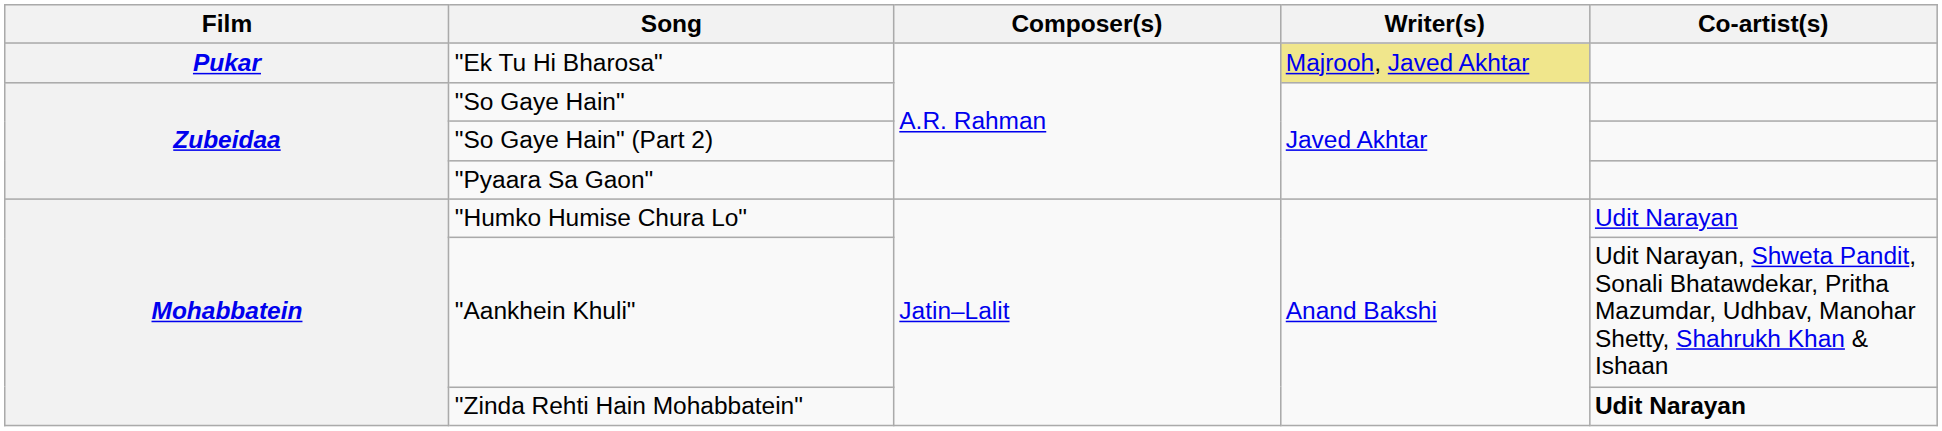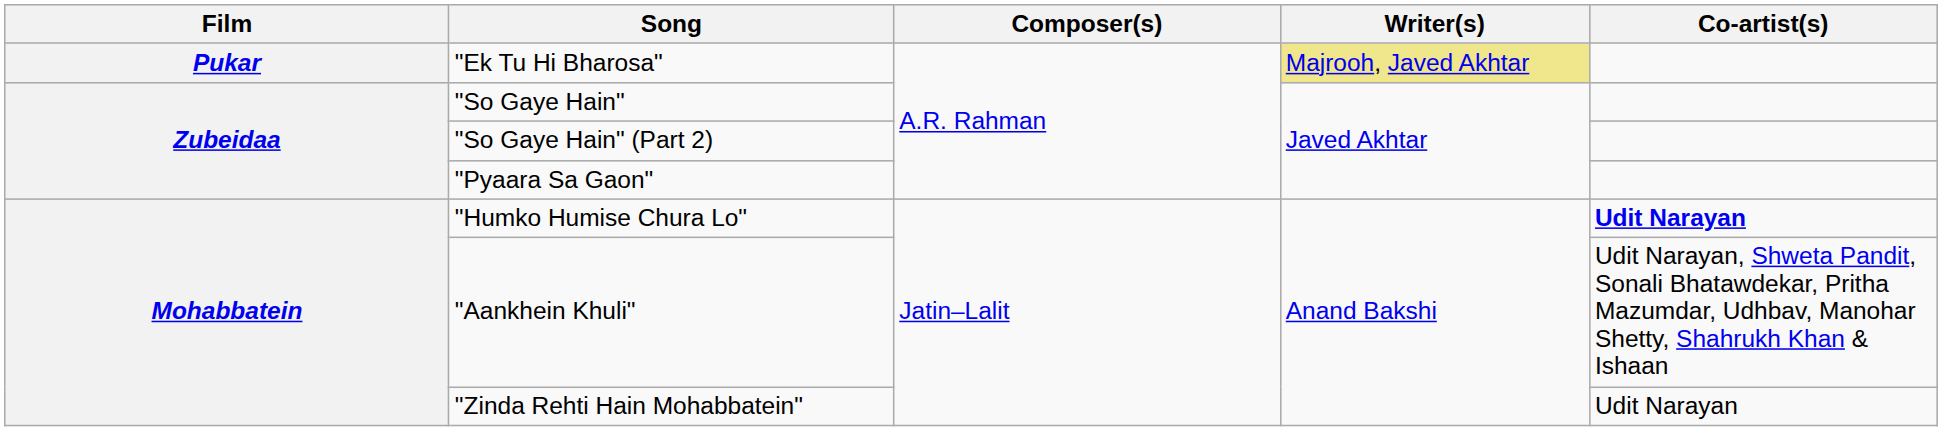 <table class="wikitable plainrowheaders" style="width:100%; textcolor:#000">
 <tr style="background:#b0e0e66;">
 <th scope="col" style="width:23%;"><strong>Film</strong></th>
 <th scope="col" style="width:23%;"><strong>Song</strong></th>
 <th scope="col" style="width:20%;"><strong>Composer(s)</strong></th>
 <th scope="col" style="width:16%;"><strong>Writer(s)</strong></th>
 <th scope="col" style="width:18%;"><strong>Co-artist(s)</strong></th>
 </tr>
 <tr>
 <th><em><a href='#'>Pukar</a></em></th>
 <td>"Ek Tu Hi Bharosa"</td>
 <td rowspan=4><a href='#'>A.R. Rahman</a></td>
 <td style="background: khaki;"><a href='#'>Majrooh</a>, <a href='#'>Javed Akhtar</a></td>
 <td></td>
 </tr>
 <tr>
 <th Rowspan=3><em><a href='#'>Zubeidaa</a></em></th>
 <td>"So Gaye Hain"</td>
 <td rowspan=3><a href='#'>Javed Akhtar</a></td>
 <td></td>
 </tr>
 <tr>
 <td>"So Gaye Hain" (Part 2)</td>
 <td></td>
 </tr>
 <tr>
 <td>"Pyaara Sa Gaon"</td>
 </tr>
 <tr>
 <th Rowspan=3><em><a href='#'>Mohabbatein</a></em></th>
 <td>"Humko Humise Chura Lo"</td>
 <td rowspan=3><a href='#'>Jatin–Lalit</a></td>
 <td rowspan=3><a href='#'>Anand Bakshi</a></td>
-<td><a href='#'>Udit Narayan</a></td>
+<td><strong><a href='#'>Udit Narayan</a></strong></td>
 </tr>
 <tr>
 <td>"Aankhein Khuli"</td>
 <td>Udit Narayan, <a href='#'>Shweta Pandit</a>, Sonali Bhatawdekar, Pritha Mazumdar, Udhbav, Manohar Shetty, <a href='#'>Shahrukh Khan</a> & Ishaan</td>
 </tr>
 <tr>
 <td>"Zinda Rehti Hain Mohabbatein"</td>
-<td><strong>Udit Narayan</strong></td>
+<td>Udit Narayan</td>
 </tr>
 </table>
